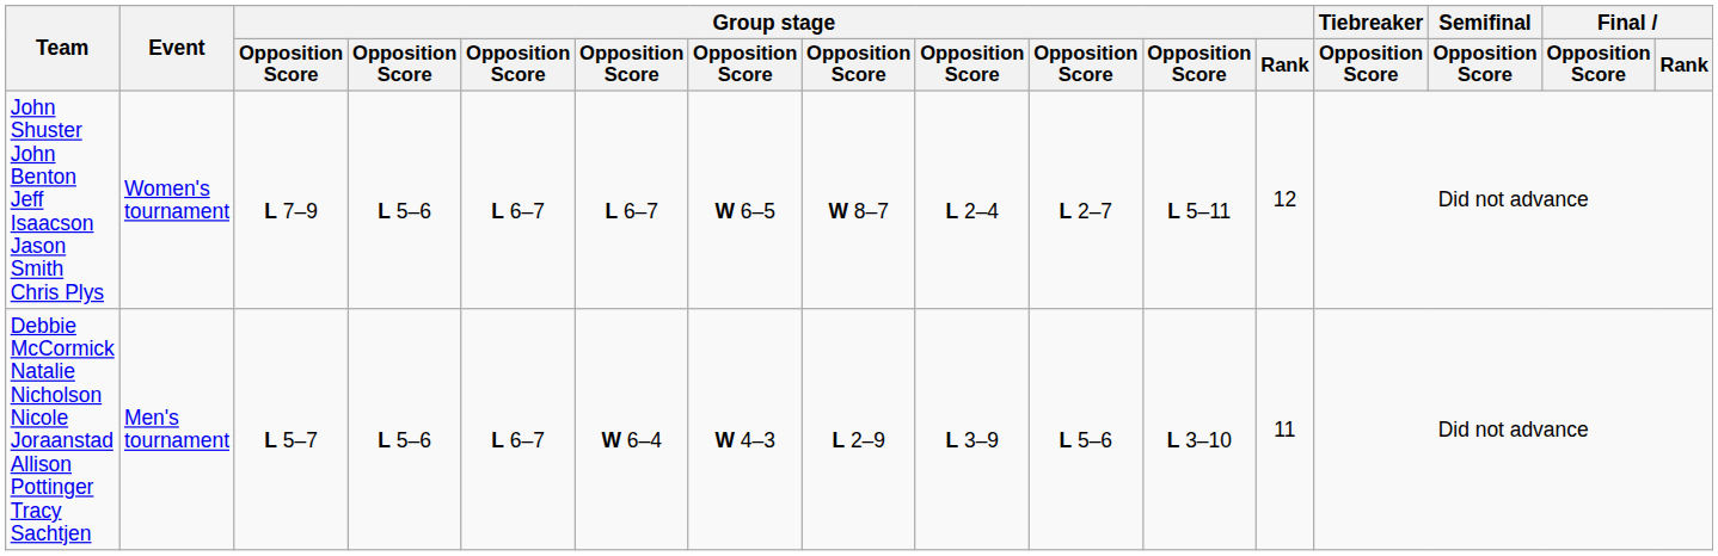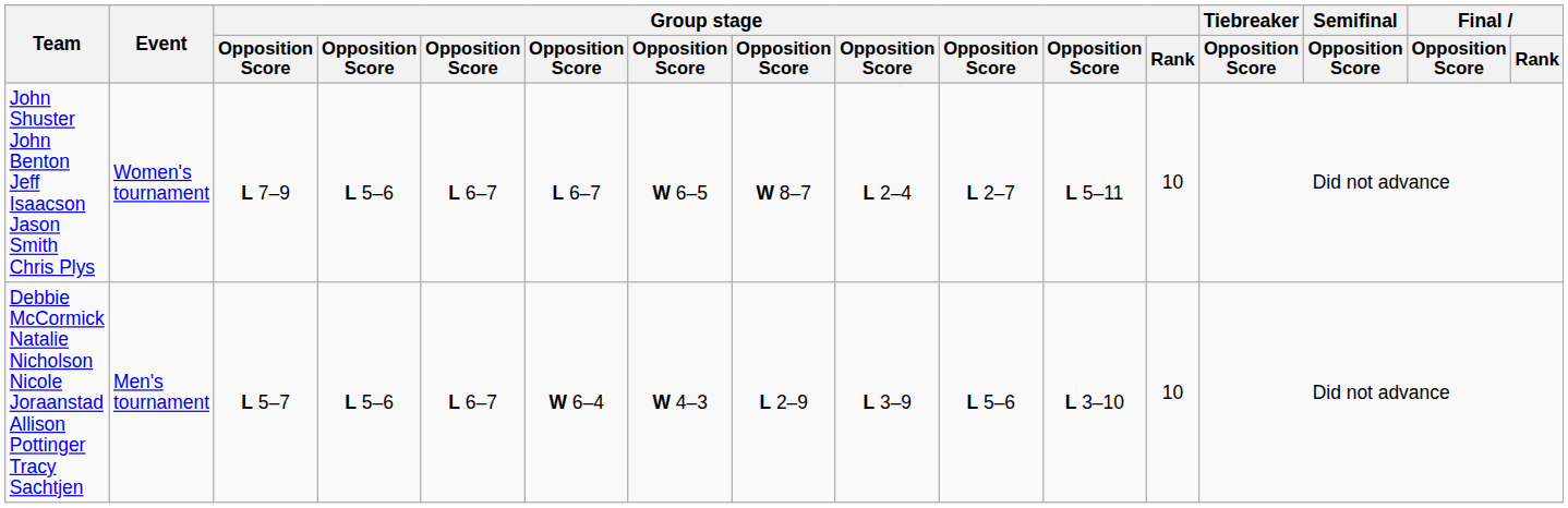 <table class=wikitable style=font-size:90%;text-align:center>
 <tr>
 <th rowspan=2>Team</th>
 <th rowspan=2>Event</th>
 <th colspan=10>Group stage</th>
 <th>Tiebreaker</th>
 <th>Semifinal</th>
 <th colspan=2>Final / </th>
 </tr>
 <tr style=font-size:95%>
 <th>Opposition<br>Score</th>
 <th>Opposition<br>Score</th>
 <th>Opposition<br>Score</th>
 <th>Opposition<br>Score</th>
 <th>Opposition<br>Score</th>
 <th>Opposition<br>Score</th>
 <th>Opposition<br>Score</th>
 <th>Opposition<br>Score</th>
 <th>Opposition<br>Score</th>
 <th>Rank</th>
 <th>Opposition<br>Score</th>
 <th>Opposition<br>Score</th>
 <th>Opposition<br>Score</th>
 <th>Rank</th>
 </tr>
 <tr>
 <td align=left><a href='#'>John Shuster</a><br><a href='#'>John Benton</a><br><a href='#'>Jeff Isaacson</a><br><a href='#'>Jason Smith</a><br><a href='#'>Chris Plys</a></td>
 <td align=left><a href='#'>Women's tournament</a></td>
 <td><br><strong>L</strong> 7–9</td>
 <td><br><strong>L</strong> 5–6</td>
 <td><br><strong>L</strong> 6–7</td>
 <td><br><strong>L</strong> 6–7</td>
 <td><br><strong>W</strong> 6–5</td>
 <td><br><strong>W</strong> 8–7</td>
 <td><br><strong>L</strong> 2–4</td>
 <td><br><strong>L</strong> 2–7</td>
 <td><br><strong>L</strong> 5–11</td>
-<td>12</td>
+<td>10</td>
 <td colspan=4>Did not advance</td>
 </tr>
 <tr>
 <td align=left><a href='#'>Debbie McCormick</a><br><a href='#'>Natalie Nicholson</a><br><a href='#'>Nicole Joraanstad</a><br><a href='#'>Allison Pottinger</a><br><a href='#'>Tracy Sachtjen</a></td>
 <td align=left><a href='#'>Men's tournament</a></td>
 <td><br><strong>L</strong> 5–7</td>
 <td><br><strong>L</strong> 5–6</td>
 <td><br><strong>L</strong> 6–7</td>
 <td><br><strong>W</strong> 6–4</td>
 <td><br><strong>W</strong> 4–3</td>
 <td><br><strong>L</strong> 2–9</td>
 <td><br><strong>L</strong> 3–9</td>
 <td><br><strong>L</strong> 5–6</td>
 <td><br><strong>L</strong> 3–10</td>
-<td>11</td>
+<td>10</td>
 <td colspan=4>Did not advance</td>
 </tr>
 </table>
